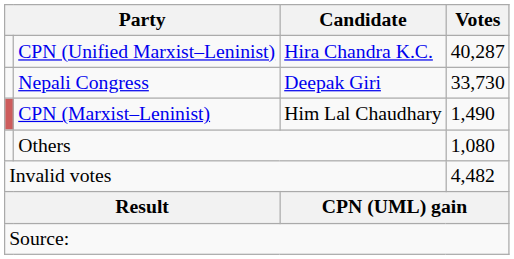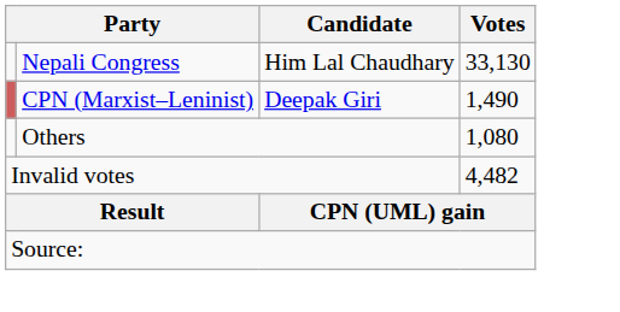 <table class="wikitable">
 <tr>
 <th colspan="2">Party</th>
 <th>Candidate</th>
 <th>Votes</th>
 </tr>
 <tr>
 <td style="background-color:"></td>
-<td><a href='#'>CPN (Unified Marxist–Leninist)</a></td>
-<td><a href='#'>Hira Chandra K.C.</a></td>
-<td>40,287</td>
-</tr>
-<tr>
-<td style="background-color:"></td>
 <td><a href='#'>Nepali Congress</a></td>
-<td><a href='#'>Deepak Giri</a></td>
-<td>33,730</td>
+<td>Him Lal Chaudhary</td>
+<td>33,130</td>
 </tr>
 <tr>
 <td style="background-color:indianred"></td>
 <td><a href='#'>CPN (Marxist–Leninist)</a></td>
-<td>Him Lal Chaudhary</td>
+<td><a href='#'>Deepak Giri</a></td>
 <td>1,490</td>
 </tr>
 <tr>
 <td></td>
 <td colspan="2">Others</td>
 <td>1,080</td>
 </tr>
 <tr>
 <td colspan="3">Invalid votes</td>
 <td>4,482</td>
 </tr>
 <tr>
 <th colspan="2">Result</th>
 <th colspan="2">CPN (UML) gain</th>
 </tr>
 <tr>
 <td colspan="4">Source: </td>
 </tr>
 </table>
